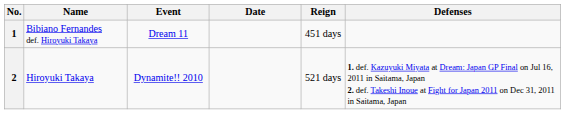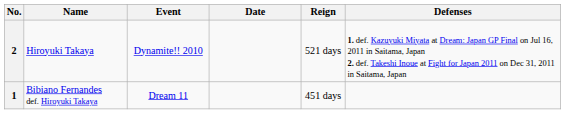 <table class="wikitable" width=100%>
 <tr>
 <th width=1%>No.</th>
 <th width=19%>Name</th>
 <th width=15%>Event</th>
 <th width=17%>Date</th>
 <th width=8%>Reign</th>
 <th width=40%>Defenses</th>
 </tr>
 <tr>
+<th>2</th>
+<td align=left> <a href='#'>Hiroyuki Takaya</a></td>
+<td align=center><a href='#'>Dynamite!! 2010</a><br></td>
+<td align=center></td>
+<td align="center">521 days<br></td>
+<td><br><small><strong>1.</strong> def. <a href='#'>Kazuyuki Miyata</a> at <a href='#'>Dream: Japan GP Final</a> on Jul 16, 2011 in Saitama, Japan<br> <strong>2.</strong> def. <a href='#'>Takeshi Inoue</a> at <a href='#'>Fight for Japan 2011</a> on Dec 31, 2011 in Saitama, Japan</small></td>
+</tr>
+<tr>
 <th>1</th>
 <td align=left> <a href='#'>Bibiano Fernandes</a><br><small>def. <a href='#'>Hiroyuki Takaya</a></small></td>
 <td align=center><a href='#'>Dream 11</a><br></td>
 <td align=center></td>
 <td align="center">451 days</td>
 <td><br></td>
 </tr>
-<tr>
-<th>2</th>
-<td align=left> <a href='#'>Hiroyuki Takaya</a></td>
-<td align=center><a href='#'>Dynamite!! 2010</a><br></td>
-<td align=center></td>
-<td align="center">521 days<br></td>
-<td><br><small><strong>1.</strong> def. <a href='#'>Kazuyuki Miyata</a> at <a href='#'>Dream: Japan GP Final</a> on Jul 16, 2011 in Saitama, Japan<br> <strong>2.</strong> def. <a href='#'>Takeshi Inoue</a> at <a href='#'>Fight for Japan 2011</a> on Dec 31, 2011 in Saitama, Japan</small></td>
-</tr>
 </table>
